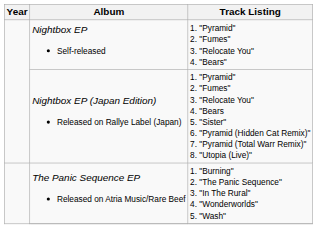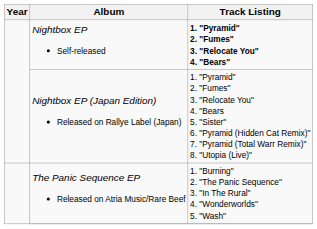 <table class="wikitable">
 <tr>
 <th rowspan="1">Year</th>
 <th rowspan="1">Album</th>
 <th rowspan="1">Track Listing</th>
 </tr>
 <tr>
 <td rowspan="2"></td>
 <td><em>Nightbox EP</em><br><ul><li><small>Self-released</small></li></ul></td>
-<td><small>1. "Pyramid"<br> 2. "Fumes"<br> 3. "Relocate You"<br> 4. "Bears"</small></td>
+<td><strong><small>1. "Pyramid"<br> 2. "Fumes"<br> 3. "Relocate You"<br> 4. "Bears"</small></strong></td>
 </tr>
 <tr>
 <td><em>Nightbox EP (Japan Edition)</em><br><ul><li><small>Released on Rallye Label (Japan)</small></li></ul></td>
 <td><small>1. "Pyramid"<br> 2. "Fumes"<br> 3. "Relocate You"<br> 4. "Bears<br> 5. "Sister"<br> 6. "Pyramid (Hidden Cat Remix)"<br> 7. "Pyramid (Total Warr Remix)"<br> 8. "Utopia (Live)"</small></td>
 </tr>
 <tr>
 <td rowspan="3"></td>
 <td><em>The Panic Sequence EP</em><br><ul><li><small>Released on Atria Music/Rare Beef</small></li></ul></td>
 <td><small>1. "Burning"<br> 2. "The Panic Sequence"<br> 3. "In The Rural"<br> 4. "Wonderworlds"<br> 5. "Wash"<br></small></td>
 </tr>
 <tr>
 </tr>
 </table>
